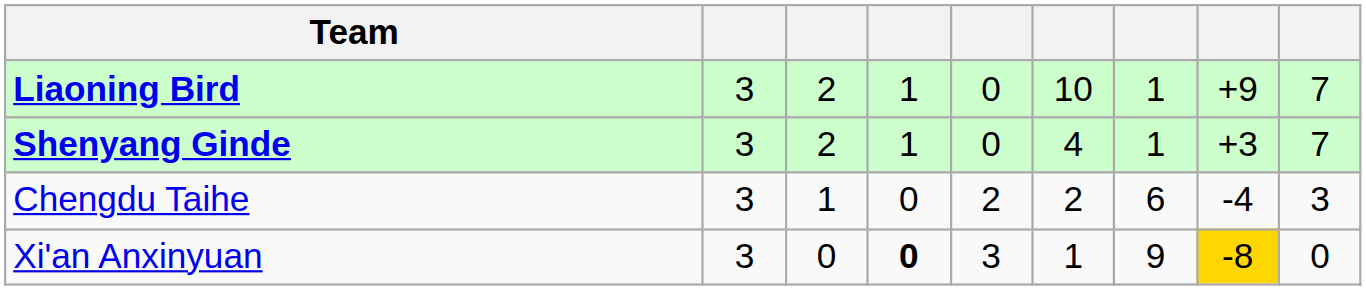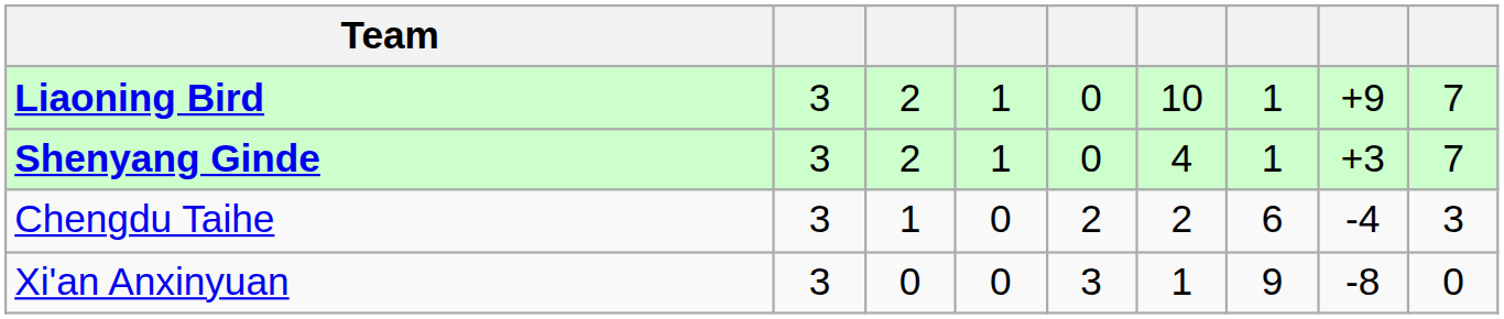 <table class="wikitable" style="text-align:center;">
 <tr>
 <th width=310>Team</th>
 <th width=30></th>
 <th width=30></th>
 <th width=30></th>
 <th width=30></th>
 <th width=30></th>
 <th width=30></th>
 <th width=30></th>
 <th width=30></th>
 </tr>
 <tr bgcolor="#ccffcc">
 <td align="left"><strong><a href='#'>Liaoning Bird</a></strong></td>
 <td>3</td>
 <td>2</td>
 <td>1</td>
 <td>0</td>
 <td>10</td>
 <td>1</td>
 <td>+9</td>
 <td>7</td>
 </tr>
 <tr bgcolor="#ccffcc">
 <td align="left"><strong><a href='#'>Shenyang Ginde</a></strong></td>
 <td>3</td>
 <td>2</td>
 <td>1</td>
 <td>0</td>
 <td>4</td>
 <td>1</td>
 <td>+3</td>
 <td>7</td>
 </tr>
 <tr>
 <td align="left"><a href='#'>Chengdu Taihe</a></td>
 <td>3</td>
 <td>1</td>
 <td>0</td>
 <td>2</td>
 <td>2</td>
 <td>6</td>
 <td>-4</td>
 <td>3</td>
 </tr>
 <tr>
 <td align="left"><a href='#'>Xi'an Anxinyuan</a></td>
 <td>3</td>
 <td>0</td>
-<td><strong>0</strong></td>
+<td>0</td>
 <td>3</td>
 <td>1</td>
 <td>9</td>
-<td style="background: gold;">-8</td>
+<td>-8</td>
 <td>0</td>
 </tr>
 </table>
